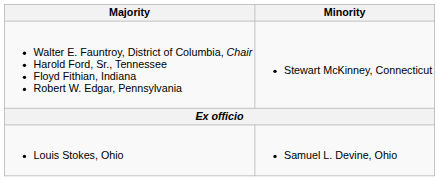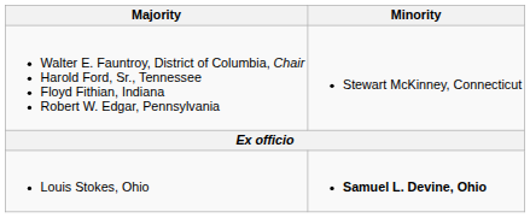 <table class=wikitable>
 <tr>
 <th>Majority</th>
 <th>Minority</th>
 </tr>
 <tr>
 <td><br><ul><li>Walter E. Fauntroy, District of Columbia, <em>Chair</em></li><li>Harold Ford, Sr., Tennessee</li><li>Floyd Fithian, Indiana</li><li>Robert W. Edgar, Pennsylvania</li></ul></td>
 <td><br><ul><li>Stewart McKinney, Connecticut</li></ul></td>
 </tr>
 <tr>
 <th colspan=2><em>Ex officio</em></th>
 </tr>
 <tr>
 <td><br><ul><li>Louis Stokes, Ohio</li></ul></td>
-<td><br><ul><li>Samuel L. Devine, Ohio</li></ul></td>
+<td><strong><br><ul><li>Samuel L. Devine, Ohio</li></ul></strong></td>
 </tr>
 </table>
